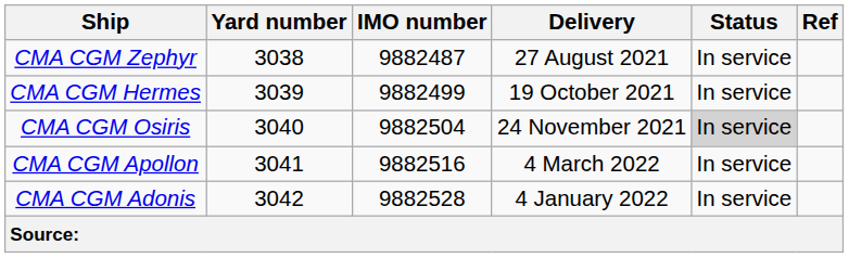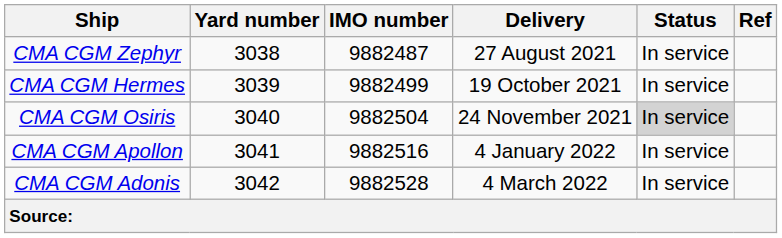 <table class="wikitable" style="text-align:center">
 <tr>
 <th>Ship</th>
 <th>Yard number</th>
 <th>IMO number</th>
 <th>Delivery</th>
 <th>Status</th>
 <th>Ref</th>
 </tr>
 <tr>
 <td><em><a href='#'>CMA CGM Zephyr</a></em></td>
 <td>3038</td>
 <td>9882487</td>
 <td>27 August 2021</td>
 <td>In service</td>
 <td></td>
 </tr>
 <tr>
 <td><em><a href='#'>CMA CGM Hermes</a></em></td>
 <td>3039</td>
 <td>9882499</td>
 <td>19 October 2021</td>
 <td>In service</td>
 <td></td>
 </tr>
 <tr>
 <td><em><a href='#'>CMA CGM Osiris</a></em></td>
 <td>3040</td>
 <td>9882504</td>
 <td>24 November 2021</td>
 <td style="background: lightgrey;">In service</td>
 <td></td>
 </tr>
 <tr>
 <td><em><a href='#'>CMA CGM Apollon</a></em></td>
 <td>3041</td>
 <td>9882516</td>
-<td>4 March 2022</td>
+<td>4 January 2022</td>
 <td>In service</td>
 <td></td>
 </tr>
 <tr>
 <td><em><a href='#'>CMA CGM Adonis</a></em></td>
 <td>3042</td>
 <td>9882528</td>
-<td>4 January 2022</td>
+<td>4 March 2022</td>
 <td>In service</td>
 <td></td>
 </tr>
 <tr>
 <th colspan="6" style="text-align:left"><small>Source:</small></th>
 </tr>
 </table>
